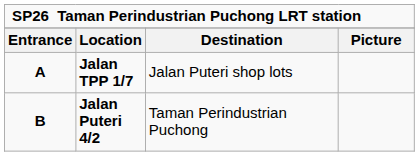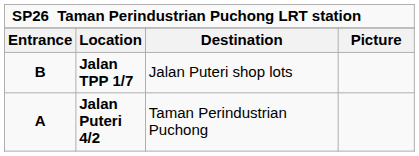 <table class="wikitable" style="width:70%">
 <tr>
 <td colspan=4 bgcolor=><span> <strong>SP26</strong> </span>  <strong>Taman Perindustrian Puchong LRT station</strong></td>
 </tr>
 <tr>
 </tr>
 <tr>
 <th style="width:10%">Entrance</th>
 <th style="width:15%">Location</th>
 <th style="width:55%">Destination</th>
 <th style="width:20%;">Picture</th>
 </tr>
 <tr>
-<td align="center"><strong><span>A</span></strong></td>
+<td align="center"><strong><span>B</span></strong></td>
 <td><strong>Jalan TPP 1/7</strong></td>
 <td>Jalan Puteri shop lots</td>
 <td></td>
 </tr>
 <tr>
-<td align="center"><strong><span>B</span></strong></td>
+<td align="center"><strong><span>A</span></strong></td>
 <td><strong>Jalan Puteri 4/2</strong></td>
 <td>Taman Perindustrian Puchong</td>
 <td></td>
 </tr>
 </table>
